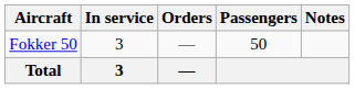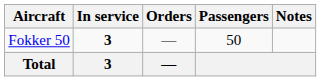 <table class="wikitable" style="margin:1em auto; border-collapse:collapse; text-align:center">
 <tr>
 <th>Aircraft</th>
 <th>In service</th>
 <th>Orders</th>
 <th>Passengers</th>
 <th>Notes</th>
 </tr>
 <tr>
 <td><a href='#'>Fokker 50</a></td>
-<td>3</td>
+<td><strong>3</strong></td>
 <td>—</td>
 <td>50</td>
 <td></td>
 </tr>
 <tr>
 <th>Total</th>
 <th>3</th>
 <th>—</th>
 <th colspan="2"></th>
 </tr>
 </table>
